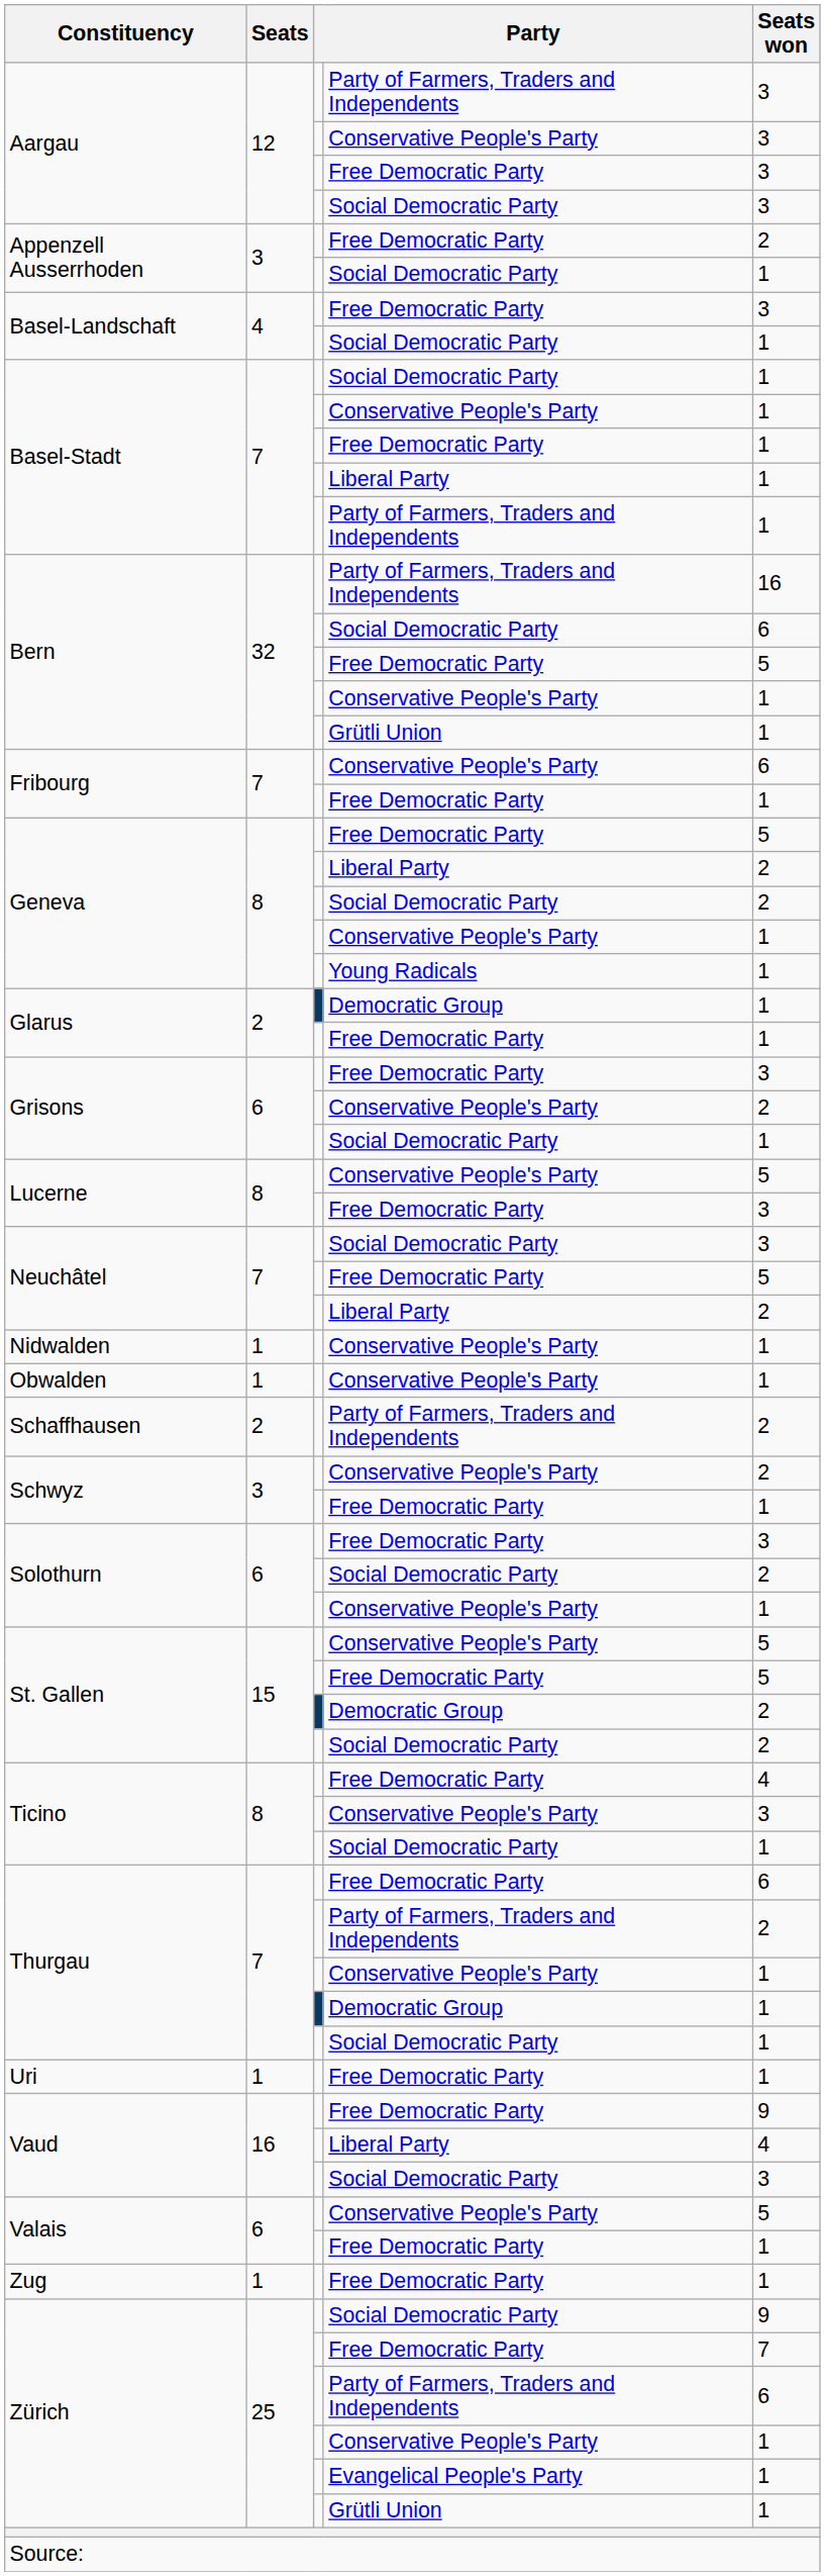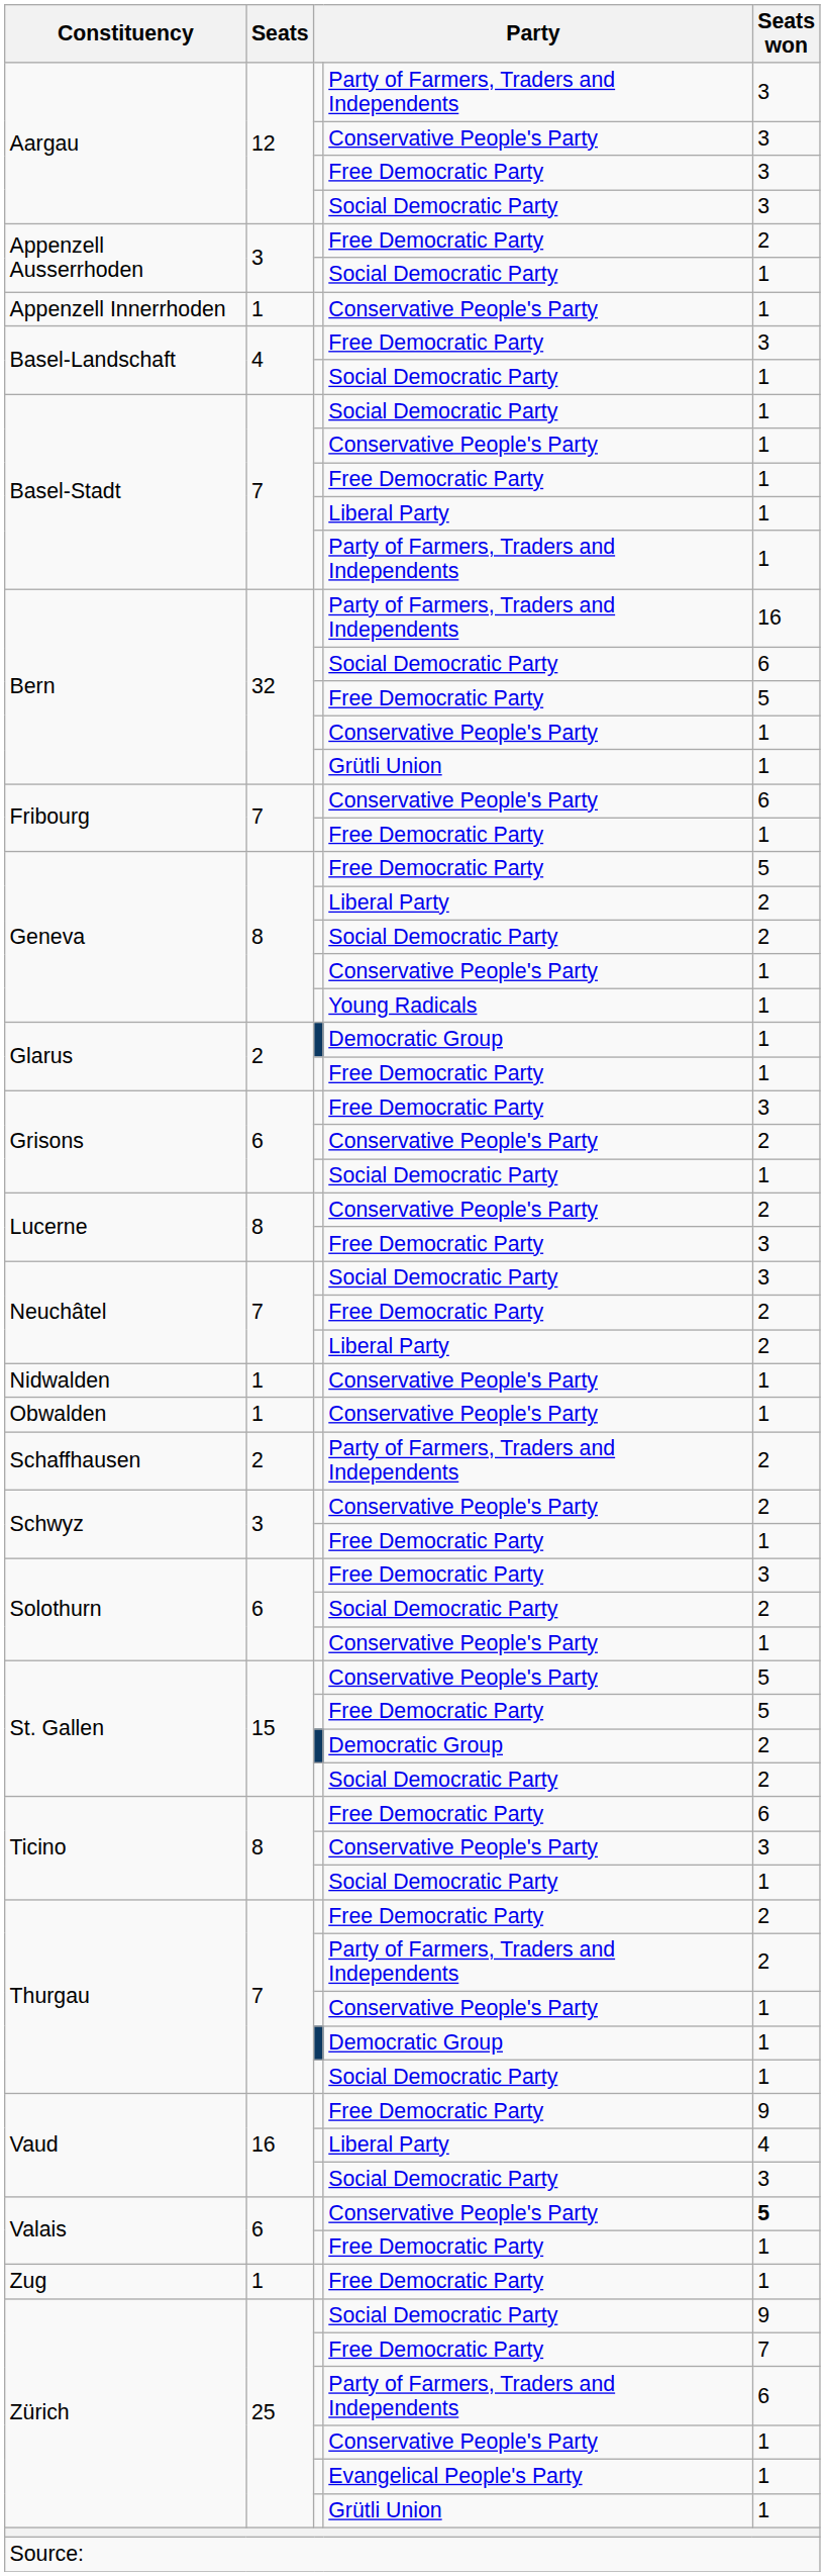 <table class="wikitable">
 <tr>
 <th>Constituency</th>
 <th>Seats</th>
 <th colspan="2">Party</th>
 <th>Seats<br>won</th>
 </tr>
 <tr>
 <td rowspan="4">Aargau</td>
 <td rowspan="4">12</td>
 <td style="color:inherit;background:"></td>
 <td><a href='#'>Party of Farmers, Traders and Independents</a></td>
 <td>3</td>
 </tr>
 <tr>
 <td style="color:inherit;background:"></td>
 <td><a href='#'>Conservative People's Party</a></td>
 <td>3</td>
 </tr>
 <tr>
 <td style="color:inherit;background:"></td>
 <td><a href='#'>Free Democratic Party</a></td>
 <td>3</td>
 </tr>
 <tr>
 <td style="color:inherit;background:"></td>
 <td><a href='#'>Social Democratic Party</a></td>
 <td>3</td>
 </tr>
 <tr>
 <td rowspan="2">Appenzell Ausserrhoden</td>
 <td rowspan="2">3</td>
 <td style="color:inherit;background:"></td>
 <td><a href='#'>Free Democratic Party</a></td>
 <td>2</td>
 </tr>
 <tr>
 <td style="color:inherit;background:"></td>
 <td><a href='#'>Social Democratic Party</a></td>
+<td>1</td>
+</tr>
+<tr>
+<td>Appenzell Innerrhoden</td>
+<td>1</td>
+<td style="color:inherit;background:"></td>
+<td><a href='#'>Conservative People's Party</a></td>
 <td>1</td>
 </tr>
 <tr>
 <td rowspan="2">Basel-Landschaft</td>
 <td rowspan="2">4</td>
 <td style="color:inherit;background:"></td>
 <td><a href='#'>Free Democratic Party</a></td>
 <td>3</td>
 </tr>
 <tr>
 <td style="color:inherit;background:"></td>
 <td><a href='#'>Social Democratic Party</a></td>
 <td>1</td>
 </tr>
 <tr>
 <td rowspan="5">Basel-Stadt</td>
 <td rowspan="5">7</td>
 <td style="color:inherit;background:"></td>
 <td><a href='#'>Social Democratic Party</a></td>
 <td>1</td>
 </tr>
 <tr>
 <td style="color:inherit;background:"></td>
 <td><a href='#'>Conservative People's Party</a></td>
 <td>1</td>
 </tr>
 <tr>
 <td style="color:inherit;background:"></td>
 <td><a href='#'>Free Democratic Party</a></td>
 <td>1</td>
 </tr>
 <tr>
 <td style="color:inherit;background:"></td>
 <td><a href='#'>Liberal Party</a></td>
 <td>1</td>
 </tr>
 <tr>
 <td style="color:inherit;background:"></td>
 <td><a href='#'>Party of Farmers, Traders and Independents</a></td>
 <td>1</td>
 </tr>
 <tr>
 <td rowspan="5">Bern</td>
 <td rowspan="5">32</td>
 <td style="color:inherit;background:"></td>
 <td><a href='#'>Party of Farmers, Traders and Independents</a></td>
 <td>16</td>
 </tr>
 <tr>
 <td style="color:inherit;background:"></td>
 <td><a href='#'>Social Democratic Party</a></td>
 <td>6</td>
 </tr>
 <tr>
 <td style="color:inherit;background:"></td>
 <td><a href='#'>Free Democratic Party</a></td>
 <td>5</td>
 </tr>
 <tr>
 <td style="color:inherit;background:"></td>
 <td><a href='#'>Conservative People's Party</a></td>
 <td>1</td>
 </tr>
 <tr>
 <td style="color:inherit;background:"></td>
 <td><a href='#'>Grütli Union</a></td>
 <td>1</td>
 </tr>
 <tr>
 <td rowspan="2">Fribourg</td>
 <td rowspan="2">7</td>
 <td style="color:inherit;background:"></td>
 <td><a href='#'>Conservative People's Party</a></td>
 <td>6</td>
 </tr>
 <tr>
 <td style="color:inherit;background:"></td>
 <td><a href='#'>Free Democratic Party</a></td>
 <td>1</td>
 </tr>
 <tr>
 <td rowspan="5">Geneva</td>
 <td rowspan="5">8</td>
 <td style="color:inherit;background:"></td>
 <td><a href='#'>Free Democratic Party</a></td>
 <td>5</td>
 </tr>
 <tr>
 <td style="color:inherit;background:"></td>
 <td><a href='#'>Liberal Party</a></td>
 <td>2</td>
 </tr>
 <tr>
 <td style="color:inherit;background:"></td>
 <td><a href='#'>Social Democratic Party</a></td>
 <td>2</td>
 </tr>
 <tr>
 <td style="color:inherit;background:"></td>
 <td><a href='#'>Conservative People's Party</a></td>
 <td>1</td>
 </tr>
 <tr>
 <td style="color:inherit;background:"></td>
 <td><a href='#'>Young Radicals</a></td>
 <td>1</td>
 </tr>
 <tr>
 <td rowspan="2">Glarus</td>
 <td rowspan="2">2</td>
 <td style="color:inherit;background:#0B3861"></td>
 <td><a href='#'>Democratic Group</a></td>
 <td>1</td>
 </tr>
 <tr>
 <td style="color:inherit;background:"></td>
 <td><a href='#'>Free Democratic Party</a></td>
 <td>1</td>
 </tr>
 <tr>
 <td rowspan="3">Grisons</td>
 <td rowspan="3">6</td>
 <td style="color:inherit;background:"></td>
 <td><a href='#'>Free Democratic Party</a></td>
 <td>3</td>
 </tr>
 <tr>
 <td style="color:inherit;background:"></td>
 <td><a href='#'>Conservative People's Party</a></td>
 <td>2</td>
 </tr>
 <tr>
 <td style="color:inherit;background:"></td>
 <td><a href='#'>Social Democratic Party</a></td>
 <td>1</td>
 </tr>
 <tr>
 <td rowspan="2">Lucerne</td>
 <td rowspan="2">8</td>
 <td style="color:inherit;background:"></td>
 <td><a href='#'>Conservative People's Party</a></td>
-<td>5</td>
+<td>2</td>
 </tr>
 <tr>
 <td style="color:inherit;background:"></td>
 <td><a href='#'>Free Democratic Party</a></td>
 <td>3</td>
 </tr>
 <tr>
 <td rowspan="3">Neuchâtel</td>
 <td rowspan="3">7</td>
 <td style="color:inherit;background:"></td>
 <td><a href='#'>Social Democratic Party</a></td>
 <td>3</td>
 </tr>
 <tr>
 <td style="color:inherit;background:"></td>
 <td><a href='#'>Free Democratic Party</a></td>
-<td>5</td>
+<td>2</td>
 </tr>
 <tr>
 <td style="color:inherit;background:"></td>
 <td><a href='#'>Liberal Party</a></td>
 <td>2</td>
 </tr>
 <tr>
 <td>Nidwalden</td>
 <td>1</td>
 <td style="color:inherit;background:"></td>
 <td><a href='#'>Conservative People's Party</a></td>
 <td>1</td>
 </tr>
 <tr>
 <td>Obwalden</td>
 <td>1</td>
 <td style="color:inherit;background:"></td>
 <td><a href='#'>Conservative People's Party</a></td>
 <td>1</td>
 </tr>
 <tr>
 <td>Schaffhausen</td>
 <td>2</td>
 <td style="color:inherit;background:"></td>
 <td><a href='#'>Party of Farmers, Traders and Independents</a></td>
 <td>2</td>
 </tr>
 <tr>
 <td rowspan="2">Schwyz</td>
 <td rowspan="2">3</td>
 <td style="color:inherit;background:"></td>
 <td><a href='#'>Conservative People's Party</a></td>
 <td>2</td>
 </tr>
 <tr>
 <td style="color:inherit;background:"></td>
 <td><a href='#'>Free Democratic Party</a></td>
 <td>1</td>
 </tr>
 <tr>
 <td rowspan="3">Solothurn</td>
 <td rowspan="3">6</td>
 <td style="color:inherit;background:"></td>
 <td><a href='#'>Free Democratic Party</a></td>
 <td>3</td>
 </tr>
 <tr>
 <td style="color:inherit;background:"></td>
 <td><a href='#'>Social Democratic Party</a></td>
 <td>2</td>
 </tr>
 <tr>
 <td style="color:inherit;background:"></td>
 <td><a href='#'>Conservative People's Party</a></td>
 <td>1</td>
 </tr>
 <tr>
 <td rowspan="4">St. Gallen</td>
 <td rowspan="4">15</td>
 <td style="color:inherit;background:"></td>
 <td><a href='#'>Conservative People's Party</a></td>
 <td>5</td>
 </tr>
 <tr>
 <td style="color:inherit;background:"></td>
 <td><a href='#'>Free Democratic Party</a></td>
 <td>5</td>
 </tr>
 <tr>
 <td style="color:inherit;background:#0B3861"></td>
 <td><a href='#'>Democratic Group</a></td>
 <td>2</td>
 </tr>
 <tr>
 <td style="color:inherit;background:"></td>
 <td><a href='#'>Social Democratic Party</a></td>
 <td>2</td>
 </tr>
 <tr>
 <td rowspan="3">Ticino</td>
 <td rowspan="3">8</td>
 <td style="color:inherit;background:"></td>
 <td><a href='#'>Free Democratic Party</a></td>
-<td>4</td>
+<td>6</td>
 </tr>
 <tr>
 <td style="color:inherit;background:"></td>
 <td><a href='#'>Conservative People's Party</a></td>
 <td>3</td>
 </tr>
 <tr>
 <td style="color:inherit;background:"></td>
 <td><a href='#'>Social Democratic Party</a></td>
 <td>1</td>
 </tr>
 <tr>
 <td rowspan="5">Thurgau</td>
 <td rowspan="5">7</td>
 <td style="color:inherit;background:"></td>
 <td><a href='#'>Free Democratic Party</a></td>
-<td>6</td>
+<td>2</td>
 </tr>
 <tr>
 <td style="color:inherit;background:"></td>
 <td><a href='#'>Party of Farmers, Traders and Independents</a></td>
 <td>2</td>
 </tr>
 <tr>
 <td style="color:inherit;background:"></td>
 <td><a href='#'>Conservative People's Party</a></td>
 <td>1</td>
 </tr>
 <tr>
 <td style="color:inherit;background:#0B3861"></td>
 <td><a href='#'>Democratic Group</a></td>
 <td>1</td>
 </tr>
 <tr>
 <td style="color:inherit;background:"></td>
 <td><a href='#'>Social Democratic Party</a></td>
-<td>1</td>
-</tr>
-<tr>
-<td>Uri</td>
-<td>1</td>
-<td style="color:inherit;background:"></td>
-<td><a href='#'>Free Democratic Party</a></td>
 <td>1</td>
 </tr>
 <tr>
 <td rowspan="3">Vaud</td>
 <td rowspan="3">16</td>
 <td style="color:inherit;background:"></td>
 <td><a href='#'>Free Democratic Party</a></td>
 <td>9</td>
 </tr>
 <tr>
 <td style="color:inherit;background:"></td>
 <td><a href='#'>Liberal Party</a></td>
 <td>4</td>
 </tr>
 <tr>
 <td style="color:inherit;background:"></td>
 <td><a href='#'>Social Democratic Party</a></td>
 <td>3</td>
 </tr>
 <tr>
 <td rowspan="2">Valais</td>
 <td rowspan="2">6</td>
 <td style="color:inherit;background:"></td>
 <td><a href='#'>Conservative People's Party</a></td>
-<td>5</td>
+<td><strong>5</strong></td>
 </tr>
 <tr>
 <td style="color:inherit;background:"></td>
 <td><a href='#'>Free Democratic Party</a></td>
 <td>1</td>
 </tr>
 <tr>
 <td>Zug</td>
 <td>1</td>
 <td style="color:inherit;background:"></td>
 <td><a href='#'>Free Democratic Party</a></td>
 <td>1</td>
 </tr>
 <tr>
 <td rowspan="6">Zürich</td>
 <td rowspan="6">25</td>
 <td style="color:inherit;background:"></td>
 <td><a href='#'>Social Democratic Party</a></td>
 <td>9</td>
 </tr>
 <tr>
 <td style="color:inherit;background:"></td>
 <td><a href='#'>Free Democratic Party</a></td>
 <td>7</td>
 </tr>
 <tr>
 <td style="color:inherit;background:"></td>
 <td><a href='#'>Party of Farmers, Traders and Independents</a></td>
 <td>6</td>
 </tr>
 <tr>
 <td style="color:inherit;background:"></td>
 <td><a href='#'>Conservative People's Party</a></td>
 <td>1</td>
 </tr>
 <tr>
 <td style="color:inherit;background:"></td>
 <td><a href='#'>Evangelical People's Party</a></td>
 <td>1</td>
 </tr>
 <tr>
 <td style="color:inherit;background:"></td>
 <td><a href='#'>Grütli Union</a></td>
 <td>1</td>
 </tr>
 <tr>
 <th colspan="5"></th>
 </tr>
 <tr>
 <td colspan="5">Source: </td>
 </tr>
 </table>
